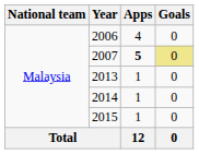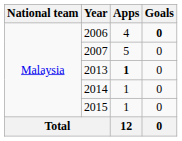 <table class=wikitable style="text-align: center;">
 <tr>
 <th>National team</th>
 <th>Year</th>
 <th>Apps</th>
 <th>Goals</th>
 </tr>
 <tr>
 <td rowspan=5><a href='#'>Malaysia</a></td>
 <td>2006</td>
 <td>4</td>
+<td><strong>0</strong></td>
+</tr>
+<tr>
+<td>2007</td>
+<td>5</td>
 <td>0</td>
 </tr>
 <tr>
-<td>2007</td>
-<td><strong>5</strong></td>
-<td style="background: khaki;">0</td>
-</tr>
-<tr>
 <td>2013</td>
-<td>1</td>
+<td><strong>1</strong></td>
 <td>0</td>
 </tr>
 <tr>
 <td>2014</td>
 <td>1</td>
 <td>0</td>
 </tr>
 <tr>
 <td>2015</td>
 <td>1</td>
 <td>0</td>
 </tr>
 <tr>
 <th colspan=2>Total</th>
 <th>12</th>
 <th>0</th>
 </tr>
 </table>
